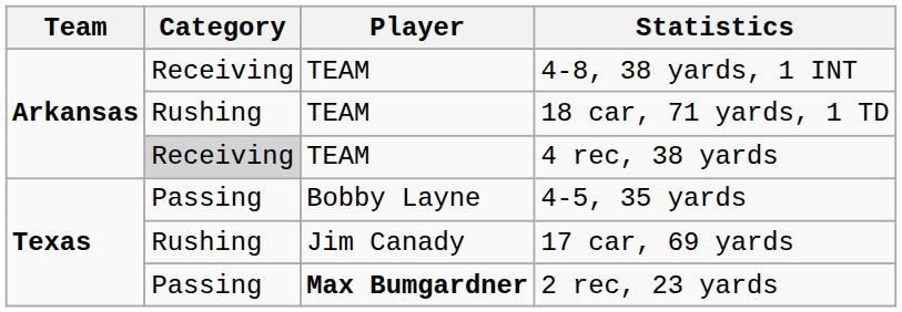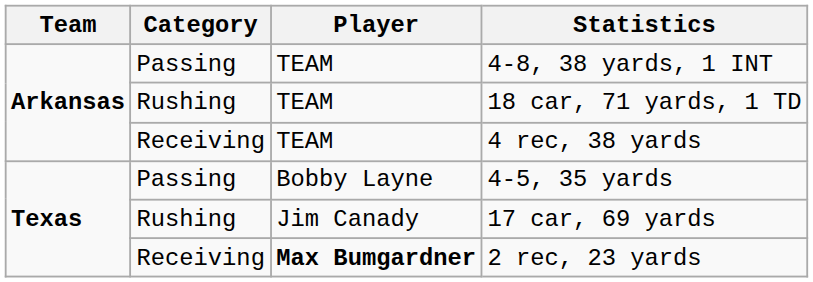 <table class="wikitable" style="float: right;">
 <tr>
 <th>Team</th>
 <th>Category</th>
 <th>Player</th>
 <th>Statistics</th>
 </tr>
 <tr>
 <td rowspan=3><strong>Arkansas</strong></td>
-<td>Receiving</td>
+<td>Passing</td>
 <td>TEAM</td>
 <td>4-8, 38 yards, 1 INT</td>
 </tr>
 <tr>
 <td>Rushing</td>
 <td>TEAM</td>
 <td>18 car, 71 yards, 1 TD</td>
 </tr>
 <tr>
-<td style="background: lightgrey;">Receiving</td>
+<td>Receiving</td>
 <td>TEAM</td>
 <td>4 rec, 38 yards</td>
 </tr>
 <tr>
 <td rowspan=3><strong>Texas</strong></td>
 <td>Passing</td>
 <td>Bobby Layne</td>
 <td>4-5, 35 yards</td>
 </tr>
 <tr>
 <td>Rushing</td>
 <td>Jim Canady</td>
 <td>17 car, 69 yards</td>
 </tr>
 <tr>
-<td>Passing</td>
+<td>Receiving</td>
 <td><strong>Max Bumgardner</strong></td>
 <td>2 rec, 23 yards</td>
 </tr>
 </table>
